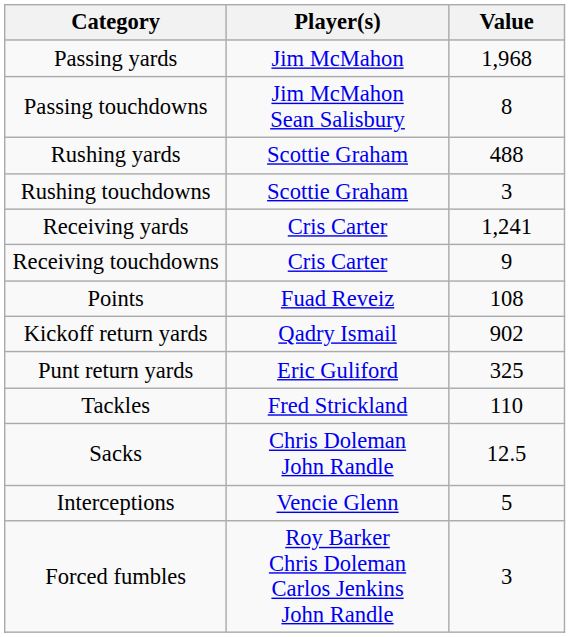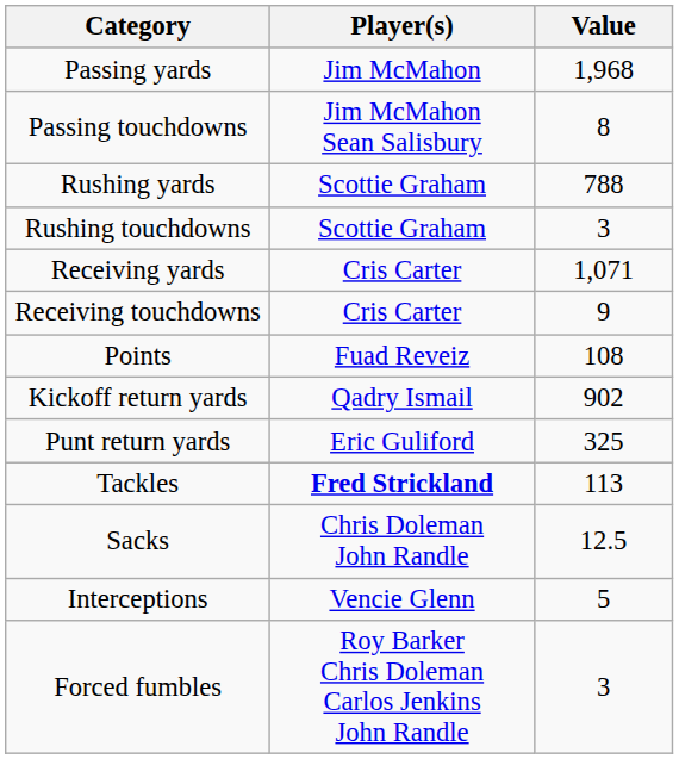 <table class="wikitable" style="text-align:center">
 <tr>
 <th width=150px>Category</th>
 <th width=150px>Player(s)</th>
 <th width=75px>Value</th>
 </tr>
 <tr>
 <td>Passing yards</td>
 <td><a href='#'>Jim McMahon</a></td>
 <td>1,968</td>
 </tr>
 <tr>
 <td>Passing touchdowns</td>
 <td><a href='#'>Jim McMahon</a><br><a href='#'>Sean Salisbury</a></td>
 <td>8</td>
 </tr>
 <tr>
 <td>Rushing yards</td>
 <td><a href='#'>Scottie Graham</a></td>
-<td>488</td>
+<td>788</td>
 </tr>
 <tr>
 <td>Rushing touchdowns</td>
 <td><a href='#'>Scottie Graham</a></td>
 <td>3</td>
 </tr>
 <tr>
 <td>Receiving yards</td>
 <td><a href='#'>Cris Carter</a></td>
-<td>1,241</td>
+<td>1,071</td>
 </tr>
 <tr>
 <td>Receiving touchdowns</td>
 <td><a href='#'>Cris Carter</a></td>
 <td>9</td>
 </tr>
 <tr>
 <td>Points</td>
 <td><a href='#'>Fuad Reveiz</a></td>
 <td>108</td>
 </tr>
 <tr>
 <td>Kickoff return yards</td>
 <td><a href='#'>Qadry Ismail</a></td>
 <td>902</td>
 </tr>
 <tr>
 <td>Punt return yards</td>
 <td><a href='#'>Eric Guliford</a></td>
 <td>325</td>
 </tr>
 <tr>
 <td>Tackles</td>
-<td><a href='#'>Fred Strickland</a></td>
-<td>110</td>
+<td><strong><a href='#'>Fred Strickland</a></strong></td>
+<td>113</td>
 </tr>
 <tr>
 <td>Sacks</td>
 <td><a href='#'>Chris Doleman</a><br><a href='#'>John Randle</a></td>
 <td>12.5</td>
 </tr>
 <tr>
 <td>Interceptions</td>
 <td><a href='#'>Vencie Glenn</a></td>
 <td>5</td>
 </tr>
 <tr>
 <td>Forced fumbles</td>
 <td><a href='#'>Roy Barker</a><br><a href='#'>Chris Doleman</a><br><a href='#'>Carlos Jenkins</a><br><a href='#'>John Randle</a></td>
 <td>3</td>
 </tr>
 </table>
